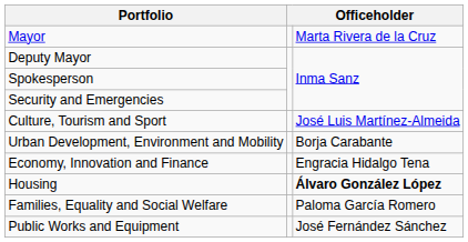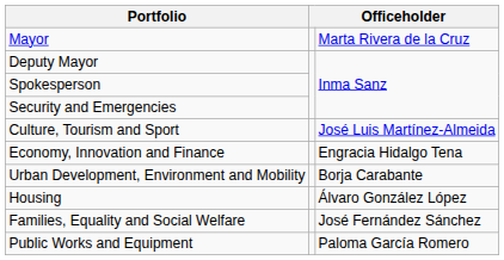 <table class="wikitable"  style="margin:1em auto;" align="center">
 <tr>
 <th>Portfolio</th>
 <th colspan = "2">Officeholder</th>
 </tr>
 <tr>
 <td><a href='#'>Mayor</a></td>
 <td></td>
 <td><a href='#'>Marta Rivera de la Cruz</a></td>
 </tr>
 <tr>
 <td>Deputy Mayor</td>
 <td rowspan="3"></td>
 <td rowspan="3"><a href='#'>Inma Sanz</a></td>
 </tr>
 <tr>
 <td>Spokesperson</td>
 </tr>
 <tr>
 <td>Security and Emergencies</td>
 </tr>
 <tr>
 <td>Culture, Tourism and Sport</td>
 <td></td>
 <td><a href='#'>José Luis Martínez-Almeida</a></td>
 </tr>
 <tr>
+<td>Economy, Innovation and Finance</td>
+<td></td>
+<td>Engracia Hidalgo Tena</td>
+</tr>
+<tr>
 <td>Urban Development, Environment and Mobility</td>
 <td></td>
 <td>Borja Carabante</td>
 </tr>
 <tr>
-<td>Economy, Innovation and Finance</td>
-<td></td>
-<td>Engracia Hidalgo Tena</td>
-</tr>
-<tr>
 <td>Housing</td>
 <td></td>
-<td><strong>Álvaro González López</strong></td>
+<td>Álvaro González López</td>
 </tr>
 <tr>
 <td>Families, Equality and Social Welfare</td>
 <td></td>
-<td>Paloma García Romero</td>
+<td>José Fernández Sánchez</td>
 </tr>
 <tr>
 <td>Public Works and Equipment</td>
 <td></td>
-<td>José Fernández Sánchez</td>
+<td>Paloma García Romero</td>
 </tr>
 </table>
